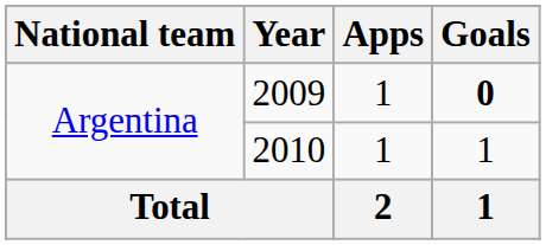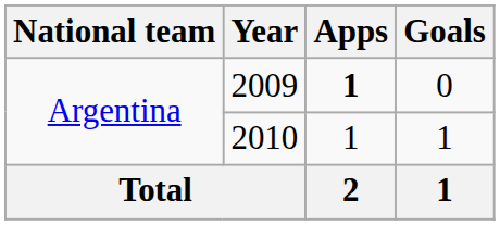 <table class=wikitable style=text-align:center>
 <tr>
 <th>National team</th>
 <th>Year</th>
 <th>Apps</th>
 <th>Goals</th>
 </tr>
 <tr>
 <td rowspan="2"><a href='#'>Argentina</a></td>
 <td>2009</td>
-<td>1</td>
-<td><strong>0</strong></td>
+<td><strong>1</strong></td>
+<td>0</td>
 </tr>
 <tr>
 <td>2010</td>
 <td>1</td>
 <td>1</td>
 </tr>
 <tr>
 <th colspan="2">Total</th>
 <th>2</th>
 <th>1</th>
 </tr>
 </table>
